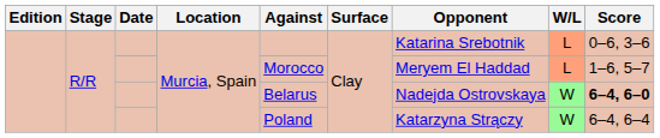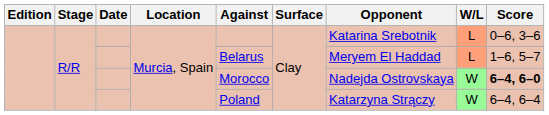 <table class=wikitable style=font-size:97%>
 <tr>
 <th>Edition</th>
 <th>Stage</th>
 <th>Date</th>
 <th>Location</th>
 <th>Against</th>
 <th>Surface</th>
 <th>Opponent</th>
 <th>W/L</th>
 <th>Score</th>
 </tr>
 <tr bgcolor="#EBC2AF">
 <td rowspan="4"></td>
 <td rowspan="4"><a href='#'>R/R</a></td>
 <td></td>
 <td rowspan="4"><a href='#'>Murcia</a>, Spain</td>
 <td> </td>
 <td rowspan="4">Clay</td>
 <td> <a href='#'>Katarina Srebotnik</a></td>
 <td style="text-align:center; background:#ffa07a;">L</td>
 <td>0–6, 3–6</td>
 </tr>
 <tr bgcolor="#EBC2AF">
 <td></td>
-<td> <a href='#'>Morocco</a></td>
+<td> <a href='#'>Belarus</a></td>
 <td> <a href='#'>Meryem El Haddad</a></td>
 <td style="text-align:center; background:#ffa07a;">L</td>
 <td>1–6, 5–7</td>
 </tr>
 <tr bgcolor="#EBC2AF">
 <td></td>
-<td> <a href='#'>Belarus</a></td>
+<td> <a href='#'>Morocco</a></td>
 <td> <a href='#'>Nadejda Ostrovskaya</a></td>
 <td style="text-align:center; background:#98fb98;">W</td>
 <td><strong>6–4, 6–0</strong></td>
 </tr>
 <tr bgcolor="#EBC2AF">
 <td></td>
 <td> <a href='#'>Poland</a></td>
 <td> <a href='#'>Katarzyna Strączy</a></td>
 <td style="text-align:center; background:#98fb98;">W</td>
 <td>6–4, 6–4</td>
 </tr>
 </table>
